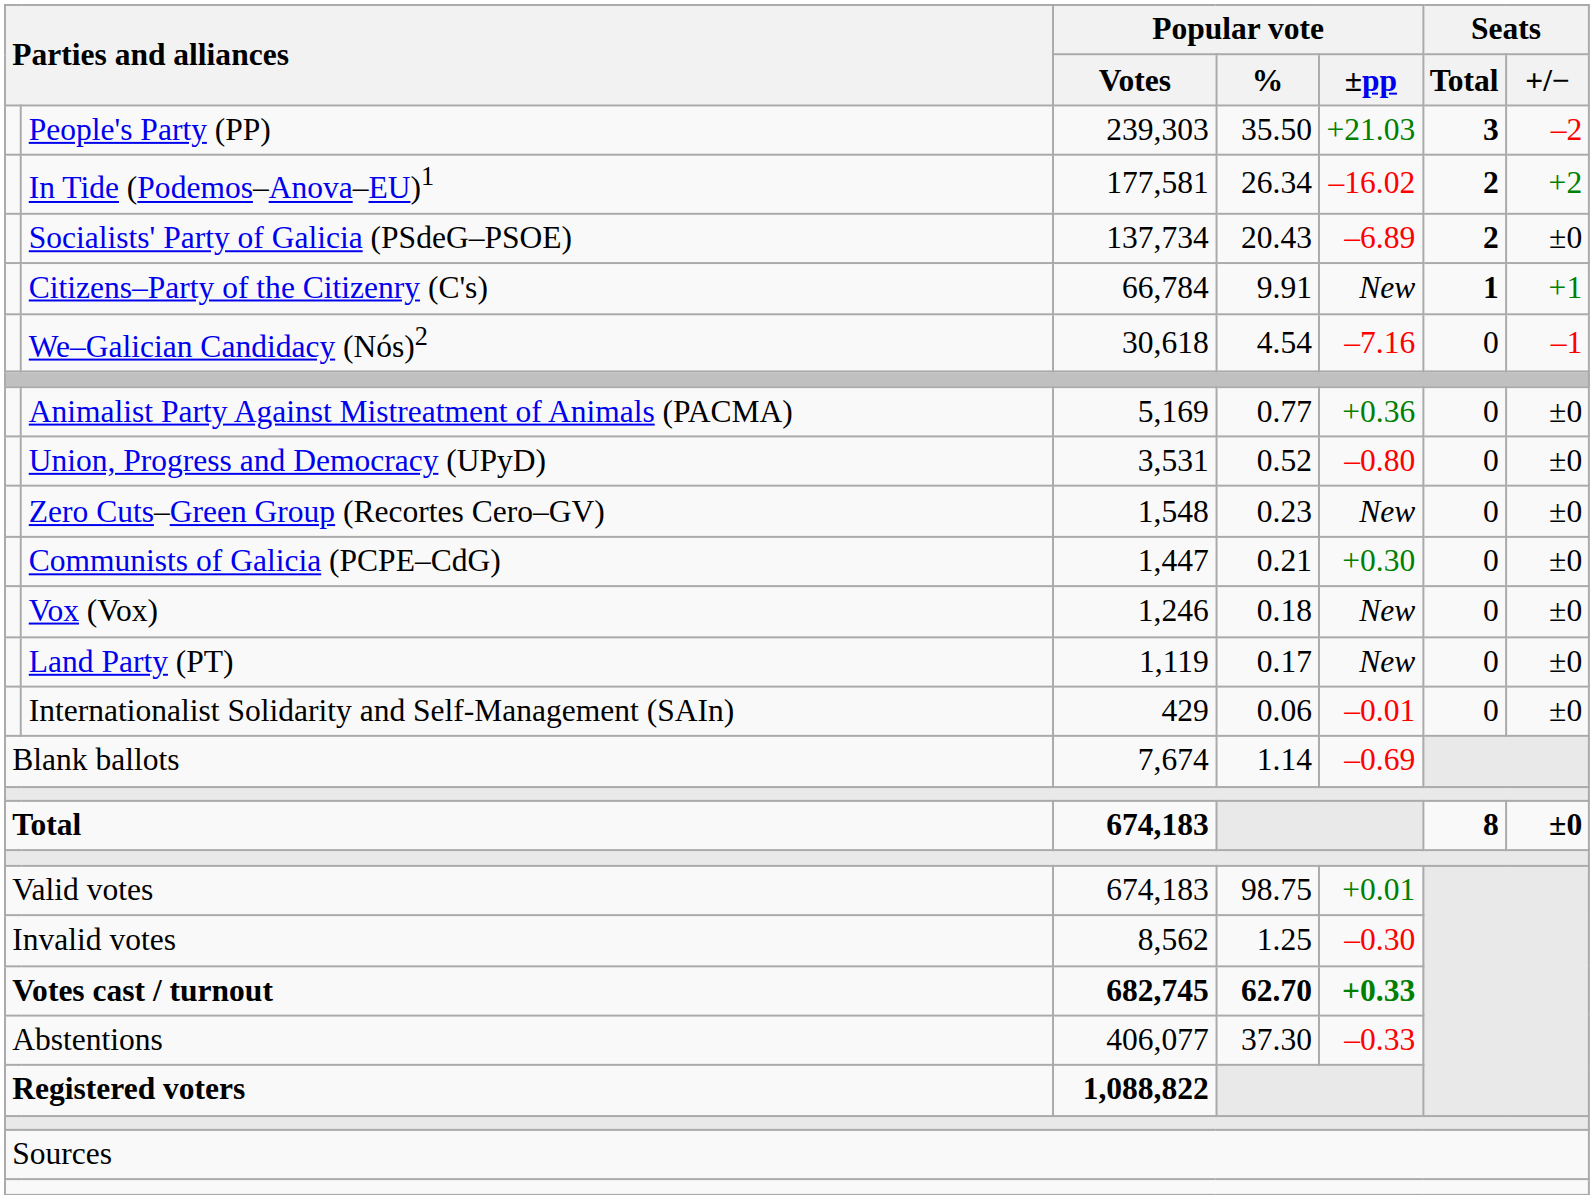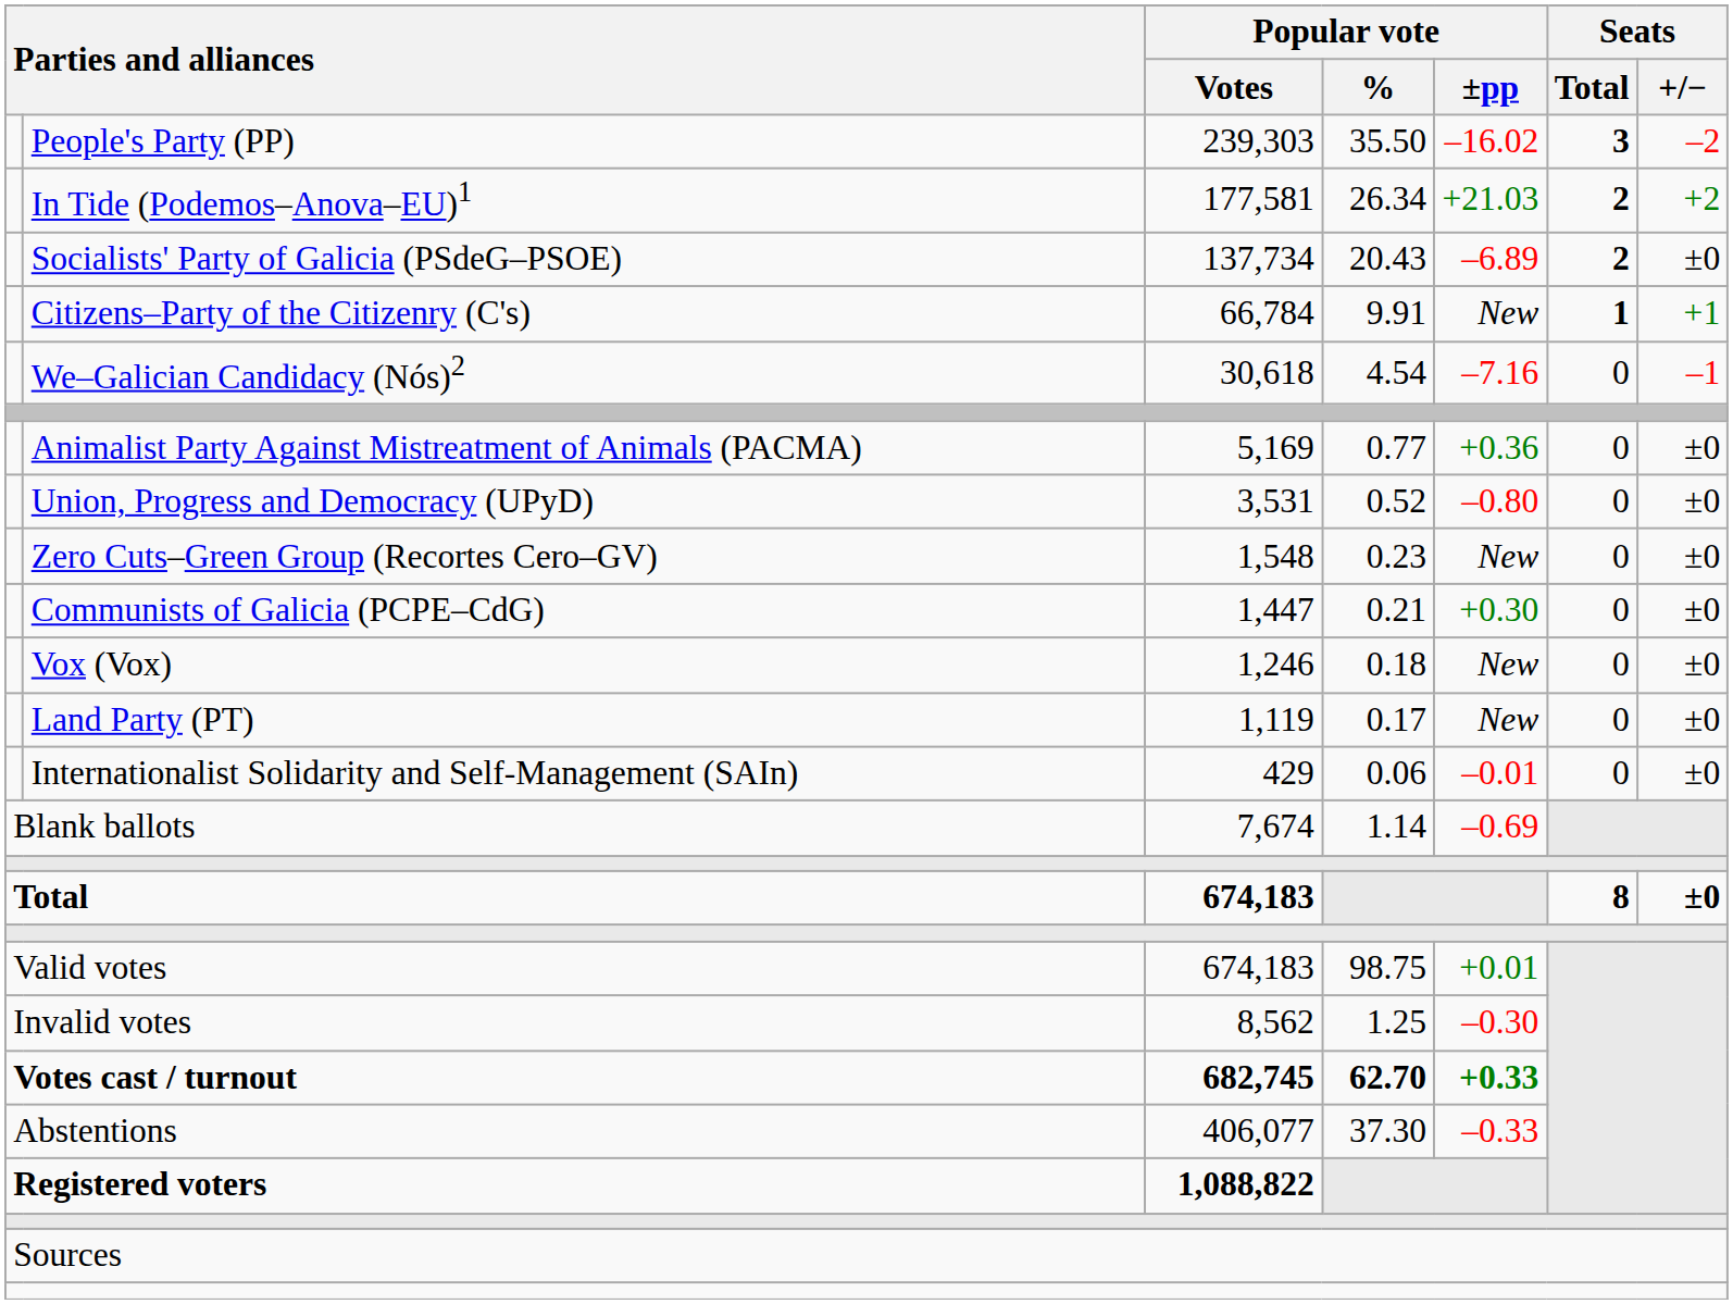 <table class="wikitable" style="text-align:right;">
 <tr>
 <th style="text-align:left;" rowspan="2" colspan="2" width="525">Parties and alliances</th>
 <th colspan="3">Popular vote</th>
 <th colspan="2">Seats</th>
 </tr>
 <tr>
 <th width="75">Votes</th>
 <th width="45">%</th>
 <th width="45">±<a href='#'>pp</a></th>
 <th width="35">Total</th>
 <th width="35">+/−</th>
 </tr>
 <tr>
 <td width="1" style="color:inherit;background:"></td>
 <td align="left"><a href='#'>People's Party</a> (PP)</td>
 <td>239,303</td>
 <td>35.50</td>
-<td style="color:green;">+21.03</td>
+<td style="color:red;">–16.02</td>
 <td><strong>3</strong></td>
 <td style="color:red;">–2</td>
 </tr>
 <tr>
 <td style="color:inherit;background:"></td>
 <td align="left"><a href='#'>In Tide</a> (<a href='#'>Podemos</a>–<a href='#'>Anova</a>–<a href='#'>EU</a>)<sup>1</sup></td>
 <td>177,581</td>
 <td>26.34</td>
-<td style="color:red;">–16.02</td>
+<td style="color:green;">+21.03</td>
 <td><strong>2</strong></td>
 <td style="color:green;">+2</td>
 </tr>
 <tr>
 <td style="color:inherit;background:"></td>
 <td align="left"><a href='#'>Socialists' Party of Galicia</a> (PSdeG–PSOE)</td>
 <td>137,734</td>
 <td>20.43</td>
 <td style="color:red;">–6.89</td>
 <td><strong>2</strong></td>
 <td>±0</td>
 </tr>
 <tr>
 <td style="color:inherit;background:"></td>
 <td align="left"><a href='#'>Citizens–Party of the Citizenry</a> (C's)</td>
 <td>66,784</td>
 <td>9.91</td>
 <td><em>New</em></td>
 <td><strong>1</strong></td>
 <td style="color:green;">+1</td>
 </tr>
 <tr>
 <td style="color:inherit;background:"></td>
 <td align="left"><a href='#'>We–Galician Candidacy</a> (Nós)<sup>2</sup></td>
 <td>30,618</td>
 <td>4.54</td>
 <td style="color:red;">–7.16</td>
 <td>0</td>
 <td style="color:red;">–1</td>
 </tr>
 <tr>
 <td colspan="7" bgcolor="#C0C0C0"></td>
 </tr>
 <tr>
 <td style="color:inherit;background:"></td>
 <td align="left"><a href='#'>Animalist Party Against Mistreatment of Animals</a> (PACMA)</td>
 <td>5,169</td>
 <td>0.77</td>
 <td style="color:green;">+0.36</td>
 <td>0</td>
 <td>±0</td>
 </tr>
 <tr>
 <td style="color:inherit;background:"></td>
 <td align="left"><a href='#'>Union, Progress and Democracy</a> (UPyD)</td>
 <td>3,531</td>
 <td>0.52</td>
 <td style="color:red;">–0.80</td>
 <td>0</td>
 <td>±0</td>
 </tr>
 <tr>
 <td style="color:inherit;background:"></td>
 <td align="left"><a href='#'>Zero Cuts</a>–<a href='#'>Green Group</a> (Recortes Cero–GV)</td>
 <td>1,548</td>
 <td>0.23</td>
 <td><em>New</em></td>
 <td>0</td>
 <td>±0</td>
 </tr>
 <tr>
 <td style="color:inherit;background:"></td>
 <td align="left"><a href='#'>Communists of Galicia</a> (PCPE–CdG)</td>
 <td>1,447</td>
 <td>0.21</td>
 <td style="color:green;">+0.30</td>
 <td>0</td>
 <td>±0</td>
 </tr>
 <tr>
 <td style="color:inherit;background:"></td>
 <td align="left"><a href='#'>Vox</a> (Vox)</td>
 <td>1,246</td>
 <td>0.18</td>
 <td><em>New</em></td>
 <td>0</td>
 <td>±0</td>
 </tr>
 <tr>
 <td style="color:inherit;background:"></td>
 <td align="left"><a href='#'>Land Party</a> (PT)</td>
 <td>1,119</td>
 <td>0.17</td>
 <td><em>New</em></td>
 <td>0</td>
 <td>±0</td>
 </tr>
 <tr>
 <td style="color:inherit;background:"></td>
 <td align="left">Internationalist Solidarity and Self-Management (SAIn)</td>
 <td>429</td>
 <td>0.06</td>
 <td style="color:red;">–0.01</td>
 <td>0</td>
 <td>±0</td>
 </tr>
 <tr>
 <td align="left" colspan="2">Blank ballots</td>
 <td>7,674</td>
 <td>1.14</td>
 <td style="color:red;">–0.69</td>
 <td bgcolor="#E9E9E9" colspan="2"></td>
 </tr>
 <tr>
 <td colspan="7" bgcolor="#E9E9E9"></td>
 </tr>
 <tr style="font-weight:bold;">
 <td align="left" colspan="2">Total</td>
 <td>674,183</td>
 <td bgcolor="#E9E9E9" colspan="2"></td>
 <td>8</td>
 <td>±0</td>
 </tr>
 <tr>
 <td colspan="7" bgcolor="#E9E9E9"></td>
 </tr>
 <tr>
 <td align="left" colspan="2">Valid votes</td>
 <td>674,183</td>
 <td>98.75</td>
 <td style="color:green;">+0.01</td>
 <td bgcolor="#E9E9E9" colspan="2" rowspan="5"></td>
 </tr>
 <tr>
 <td align="left" colspan="2">Invalid votes</td>
 <td>8,562</td>
 <td>1.25</td>
 <td style="color:red;">–0.30</td>
 </tr>
 <tr style="font-weight:bold;">
 <td align="left" colspan="2">Votes cast / turnout</td>
 <td>682,745</td>
 <td>62.70</td>
 <td style="color:green;">+0.33</td>
 </tr>
 <tr>
 <td align="left" colspan="2">Abstentions</td>
 <td>406,077</td>
 <td>37.30</td>
 <td style="color:red;">–0.33</td>
 </tr>
 <tr style="font-weight:bold;">
 <td align="left" colspan="2">Registered voters</td>
 <td>1,088,822</td>
 <td bgcolor="#E9E9E9" colspan="2"></td>
 </tr>
 <tr>
 <td colspan="7" bgcolor="#E9E9E9"></td>
 </tr>
 <tr>
 <td align="left" colspan="7">Sources</td>
 </tr>
 <tr>
 <td colspan="7" style="text-align:left; max-width:790px;"></td>
 </tr>
 </table>
